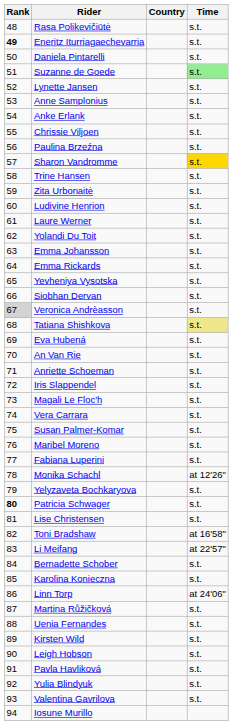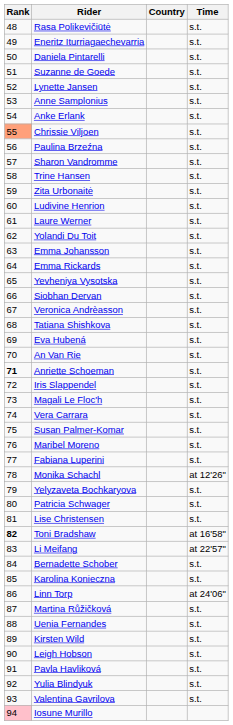 <table class="wikitable" style="font-size:95%; text-align:left;">
 <tr>
 <th>Rank</th>
 <th>Rider</th>
 <th>Country</th>
 <th>Time</th>
 </tr>
 <tr>
 <td>48</td>
 <td><a href='#'>Rasa Polikevičiūtė</a></td>
 <td></td>
 <td>s.t.</td>
 </tr>
 <tr>
-<td><strong>49</strong></td>
+<td>49</td>
 <td><a href='#'>Eneritz Iturriagaechevarria</a></td>
 <td></td>
 <td>s.t.</td>
 </tr>
 <tr>
 <td>50</td>
 <td><a href='#'>Daniela Pintarelli</a></td>
 <td></td>
 <td>s.t.</td>
 </tr>
 <tr>
 <td>51</td>
 <td><a href='#'>Suzanne de Goede</a></td>
 <td></td>
-<td style="background: lightgreen;">s.t.</td>
+<td>s.t.</td>
 </tr>
 <tr>
 <td>52</td>
 <td><a href='#'>Lynette Jansen</a></td>
 <td></td>
 <td>s.t.</td>
 </tr>
 <tr>
 <td>53</td>
 <td><a href='#'>Anne Samplonius</a></td>
 <td></td>
 <td>s.t.</td>
 </tr>
 <tr>
 <td>54</td>
 <td><a href='#'>Anke Erlank</a></td>
 <td></td>
 <td>s.t.</td>
 </tr>
 <tr>
-<td>55</td>
+<td style="background: lightsalmon;">55</td>
 <td><a href='#'>Chrissie Viljoen</a></td>
 <td></td>
 <td>s.t.</td>
 </tr>
 <tr>
 <td>56</td>
 <td><a href='#'>Paulina Brzeźna</a></td>
 <td></td>
 <td>s.t.</td>
 </tr>
 <tr>
 <td>57</td>
 <td><a href='#'>Sharon Vandromme</a></td>
 <td></td>
-<td style="background: gold;">s.t.</td>
+<td>s.t.</td>
 </tr>
 <tr>
 <td>58</td>
 <td><a href='#'>Trine Hansen</a></td>
 <td></td>
 <td>s.t.</td>
 </tr>
 <tr>
 <td>59</td>
 <td><a href='#'>Zita Urbonaitė</a></td>
 <td></td>
 <td>s.t.</td>
 </tr>
 <tr>
 <td>60</td>
 <td><a href='#'>Ludivine Henrion</a></td>
 <td></td>
 <td>s.t.</td>
 </tr>
 <tr>
 <td>61</td>
 <td><a href='#'>Laure Werner</a></td>
 <td></td>
 <td>s.t.</td>
 </tr>
 <tr>
 <td>62</td>
 <td><a href='#'>Yolandi Du Toit</a></td>
 <td></td>
 <td>s.t.</td>
 </tr>
 <tr>
 <td>63</td>
 <td><a href='#'>Emma Johansson</a></td>
 <td></td>
 <td>s.t.</td>
 </tr>
 <tr>
 <td>64</td>
 <td><a href='#'>Emma Rickards</a></td>
 <td></td>
 <td>s.t.</td>
 </tr>
 <tr>
 <td>65</td>
 <td><a href='#'>Yevheniya Vysotska</a></td>
 <td></td>
 <td>s.t.</td>
 </tr>
 <tr>
 <td>66</td>
 <td><a href='#'>Siobhan Dervan</a></td>
 <td></td>
 <td>s.t.</td>
 </tr>
 <tr>
-<td style="background: lightgrey;">67</td>
+<td>67</td>
 <td><a href='#'>Veronica Andrèasson</a></td>
 <td></td>
 <td>s.t.</td>
 </tr>
 <tr>
 <td>68</td>
 <td><a href='#'>Tatiana Shishkova</a></td>
 <td></td>
-<td style="background: khaki;">s.t.</td>
+<td>s.t.</td>
 </tr>
 <tr>
 <td>69</td>
 <td><a href='#'>Eva Hubená</a></td>
 <td></td>
 <td>s.t.</td>
 </tr>
 <tr>
 <td>70</td>
 <td><a href='#'>An Van Rie</a></td>
 <td></td>
 <td>s.t.</td>
 </tr>
 <tr>
-<td>71</td>
+<td><strong>71</strong></td>
 <td><a href='#'>Anriette Schoeman</a></td>
 <td></td>
 <td>s.t.</td>
 </tr>
 <tr>
 <td>72</td>
 <td><a href='#'>Iris Slappendel</a></td>
 <td></td>
 <td>s.t.</td>
 </tr>
 <tr>
 <td>73</td>
 <td><a href='#'>Magali Le Floc'h</a></td>
 <td></td>
 <td>s.t.</td>
 </tr>
 <tr>
 <td>74</td>
 <td><a href='#'>Vera Carrara</a></td>
 <td></td>
 <td>s.t.</td>
 </tr>
 <tr>
 <td>75</td>
 <td><a href='#'>Susan Palmer-Komar</a></td>
 <td></td>
 <td>s.t.</td>
 </tr>
 <tr>
 <td>76</td>
 <td><a href='#'>Maribel Moreno</a></td>
 <td></td>
 <td>s.t.</td>
 </tr>
 <tr>
 <td>77</td>
 <td><a href='#'>Fabiana Luperini</a></td>
 <td></td>
 <td>s.t.</td>
 </tr>
 <tr>
 <td>78</td>
 <td><a href='#'>Monika Schachl</a></td>
 <td></td>
 <td>at 12'26"</td>
 </tr>
 <tr>
 <td>79</td>
 <td><a href='#'>Yelyzaveta Bochkaryova</a></td>
 <td></td>
 <td>s.t.</td>
 </tr>
 <tr>
-<td><strong>80</strong></td>
+<td>80</td>
 <td><a href='#'>Patricia Schwager</a></td>
 <td></td>
 <td>s.t.</td>
 </tr>
 <tr>
 <td>81</td>
 <td><a href='#'>Lise Christensen</a></td>
 <td></td>
 <td>s.t.</td>
 </tr>
 <tr>
-<td>82</td>
+<td><strong>82</strong></td>
 <td><a href='#'>Toni Bradshaw</a></td>
 <td></td>
 <td>at 16'58"</td>
 </tr>
 <tr>
 <td>83</td>
 <td><a href='#'>Li Meifang</a></td>
 <td></td>
 <td>at 22'57"</td>
 </tr>
 <tr>
 <td>84</td>
 <td><a href='#'>Bernadette Schober</a></td>
 <td></td>
 <td>s.t.</td>
 </tr>
 <tr>
 <td>85</td>
 <td><a href='#'>Karolina Konieczna</a></td>
 <td></td>
 <td>s.t.</td>
 </tr>
 <tr>
 <td>86</td>
 <td><a href='#'>Linn Torp</a></td>
 <td></td>
 <td>at 24'06"</td>
 </tr>
 <tr>
 <td>87</td>
 <td><a href='#'>Martina Růžičková</a></td>
 <td></td>
 <td>s.t.</td>
 </tr>
 <tr>
 <td>88</td>
 <td><a href='#'>Uenia Fernandes</a></td>
 <td></td>
 <td>s.t.</td>
 </tr>
 <tr>
 <td>89</td>
 <td><a href='#'>Kirsten Wild</a></td>
 <td></td>
 <td>s.t.</td>
 </tr>
 <tr>
 <td>90</td>
 <td><a href='#'>Leigh Hobson</a></td>
 <td></td>
 <td>s.t.</td>
 </tr>
 <tr>
 <td>91</td>
 <td><a href='#'>Pavla Havliková</a></td>
 <td></td>
 <td>s.t.</td>
 </tr>
 <tr>
 <td>92</td>
 <td><a href='#'>Yulia Blindyuk</a></td>
 <td></td>
 <td>s.t.</td>
 </tr>
 <tr>
 <td>93</td>
 <td><a href='#'>Valentina Gavrilova</a></td>
 <td></td>
 <td>s.t.</td>
 </tr>
 <tr>
-<td>94</td>
+<td style="background: pink;">94</td>
 <td><a href='#'>Iosune Murillo</a></td>
 <td></td>
 </tr>
 </table>
